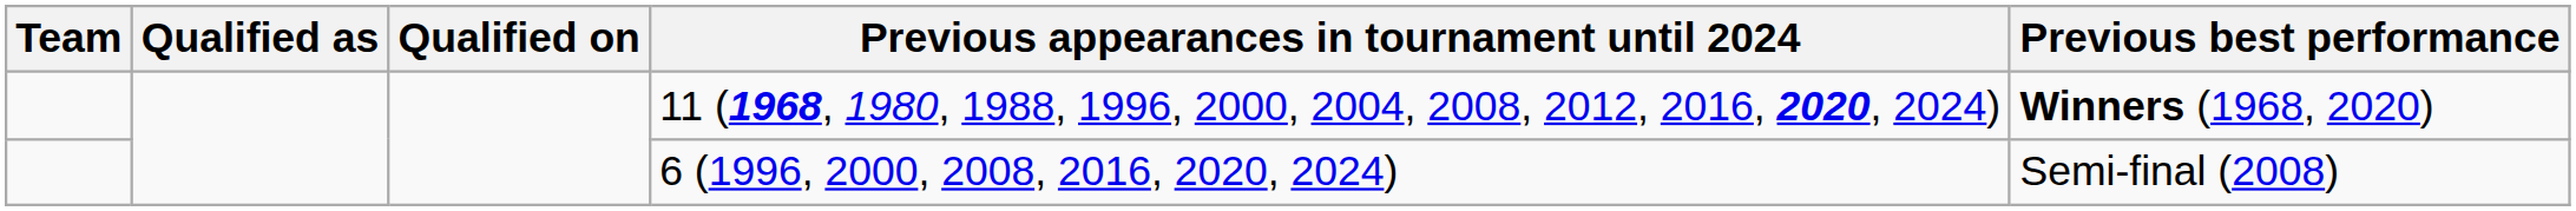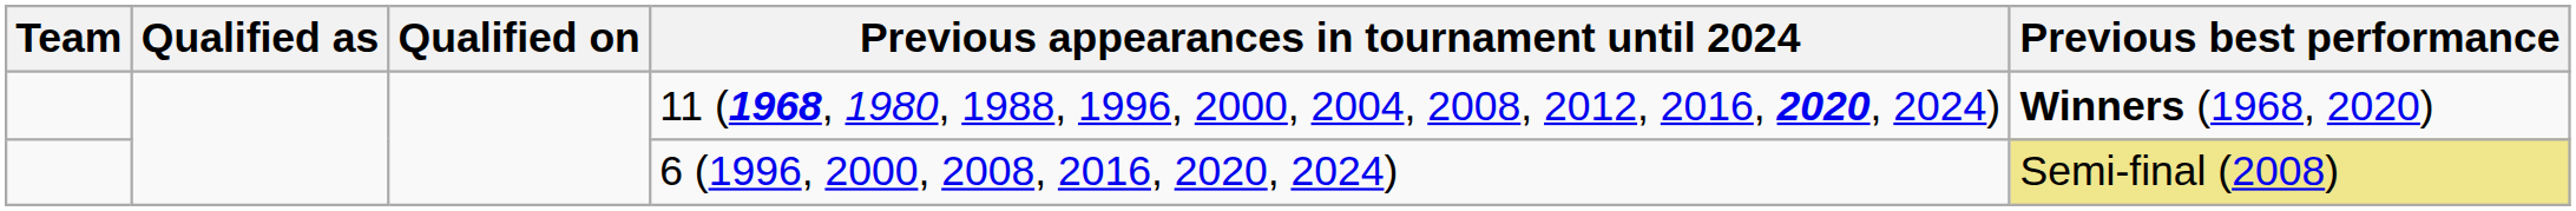 <table class="wikitable sortable">
 <tr>
 <th>Team</th>
 <th>Qualified as</th>
 <th>Qualified on</th>
 <th data-sort-type="number">Previous appearances in tournament until 2024</th>
 <th>Previous best performance</th>
 </tr>
 <tr>
 <td></td>
 <td rowspan="2"></td>
 <td rowspan="2"></td>
 <td>11 (<strong><em><a href='#'>1968</a></em></strong>, <em><a href='#'>1980</a></em>, <a href='#'>1988</a>, <a href='#'>1996</a>, <a href='#'>2000</a>, <a href='#'>2004</a>, <a href='#'>2008</a>, <a href='#'>2012</a>, <a href='#'>2016</a>, <strong><em><a href='#'>2020</a></em></strong>, <a href='#'>2024</a>)</td>
 <td><strong>Winners</strong> (<a href='#'>1968</a>, <a href='#'>2020</a>)</td>
 </tr>
 <tr>
 <td></td>
 <td>6 (<a href='#'>1996</a>, <a href='#'>2000</a>, <a href='#'>2008</a>, <a href='#'>2016</a>, <a href='#'>2020</a>, <a href='#'>2024</a>)</td>
-<td>Semi-final (<a href='#'>2008</a>)</td>
+<td style="background: khaki;">Semi-final (<a href='#'>2008</a>)</td>
 </tr>
 </table>
